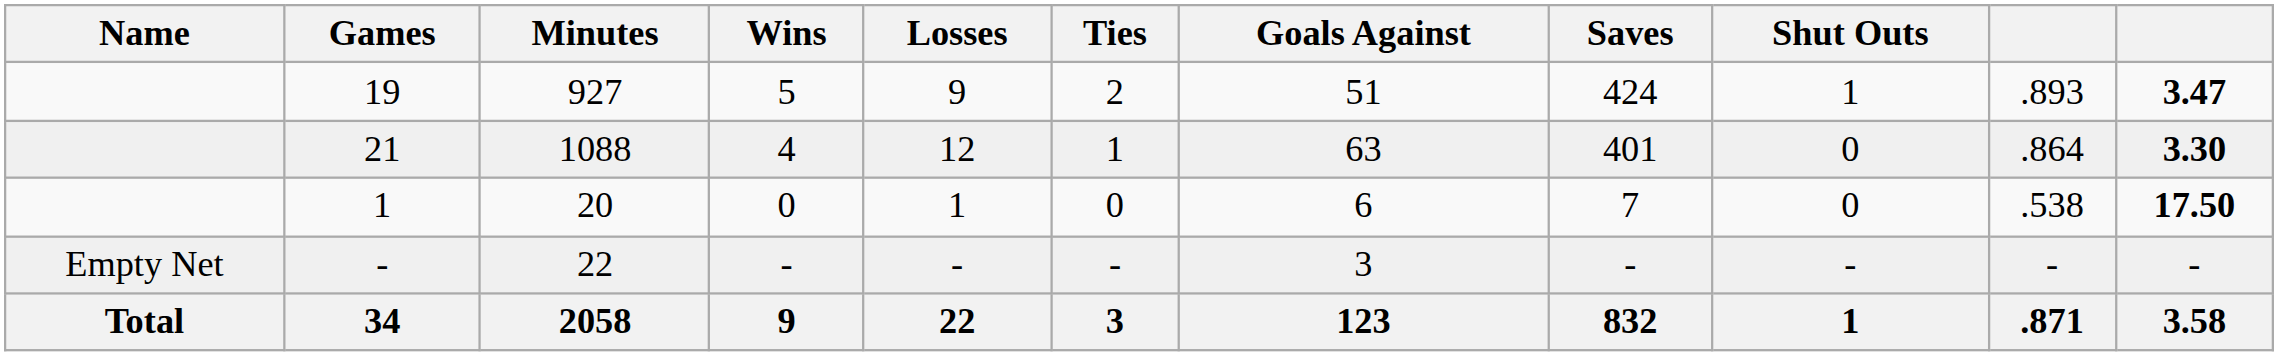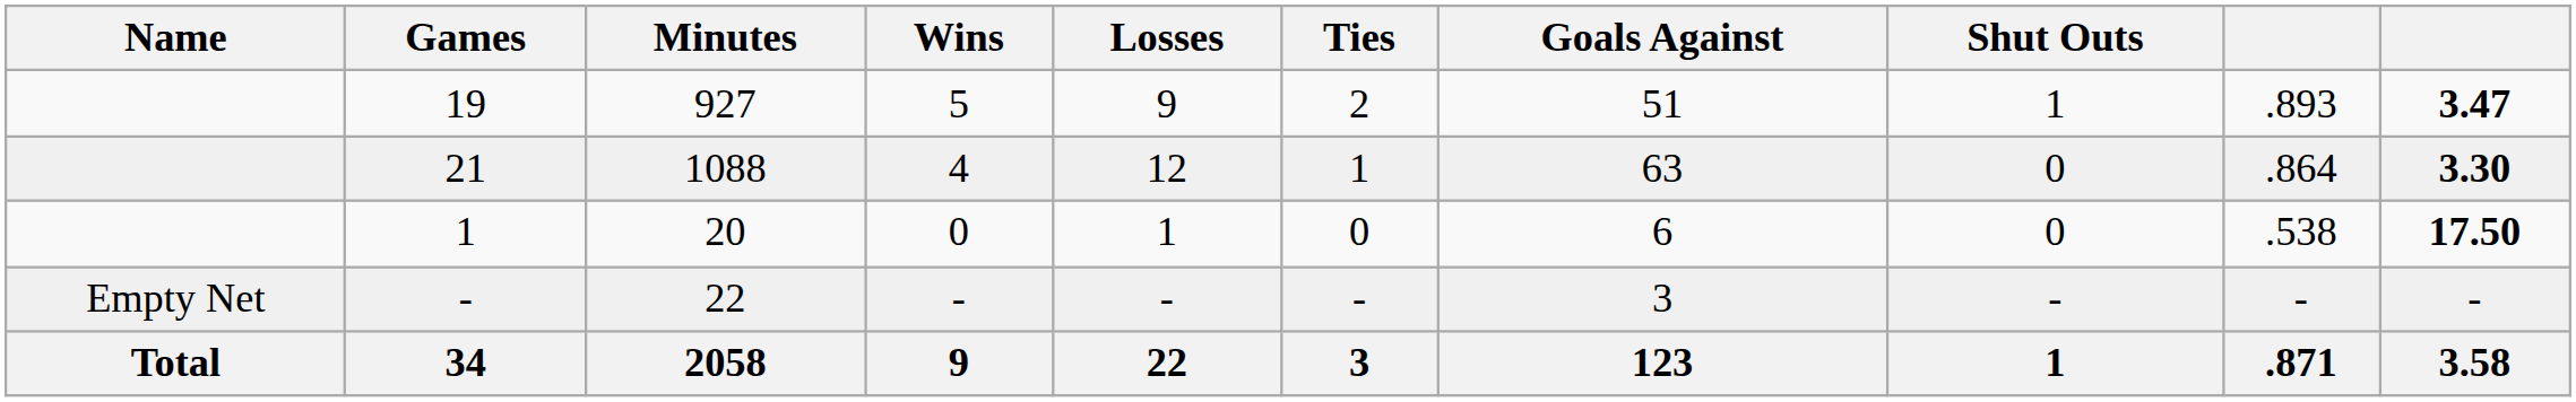 <table class="wikitable sortable" width ="1000">
 <tr align="center">
 <th>Name</th>
 <th>Games</th>
 <th>Minutes</th>
 <th>Wins</th>
 <th>Losses</th>
 <th>Ties</th>
 <th>Goals Against</th>
-<th>Saves</th>
 <th>Shut Outs</th>
 <th><a href='#'></a></th>
 <th><a href='#'></a></th>
 </tr>
 <tr align="center" bgcolor="">
 <td></td>
 <td>19</td>
 <td>927</td>
 <td>5</td>
 <td>9</td>
 <td>2</td>
 <td>51</td>
-<td>424</td>
 <td>1</td>
 <td>.893</td>
 <td><strong>3.47</strong></td>
 </tr>
 <tr align="center" bgcolor="f0f0f0">
 <td></td>
 <td>21</td>
 <td>1088</td>
 <td>4</td>
 <td>12</td>
 <td>1</td>
 <td>63</td>
-<td>401</td>
 <td>0</td>
 <td>.864</td>
 <td><strong>3.30</strong></td>
 </tr>
 <tr align="center" bgcolor="">
 <td></td>
 <td>1</td>
 <td>20</td>
 <td>0</td>
 <td>1</td>
 <td>0</td>
 <td>6</td>
-<td>7</td>
 <td>0</td>
 <td>.538</td>
 <td><strong>17.50</strong></td>
 </tr>
 <tr align="center" bgcolor="f0f0f0">
 <td>Empty Net</td>
 <td>-</td>
 <td>22</td>
 <td>-</td>
 <td>-</td>
 <td>-</td>
 <td>3</td>
 <td>-</td>
 <td>-</td>
 <td>-</td>
-<td>-</td>
 </tr>
 <tr>
 <th>Total</th>
 <th>34</th>
 <th>2058</th>
 <th>9</th>
 <th>22</th>
 <th>3</th>
 <th>123</th>
-<th>832</th>
 <th>1</th>
 <th>.871</th>
 <th>3.58</th>
 </tr>
 </table>
